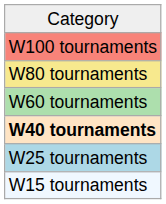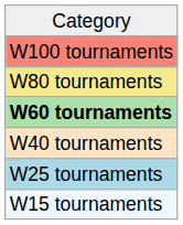 <table class=wikitable style=font-size:90%;>
 <tr align=center>
 <td style="background:#efefef;">Category</td>
 </tr>
 <tr style="background:#f88379;">
 <td>W100 tournaments</td>
 </tr>
 <tr style="background:#f7e98e;">
 <td>W80 tournaments</td>
 </tr>
 <tr style="background:#addfad;">
-<td>W60 tournaments</td>
+<td><strong>W60 tournaments</strong></td>
 </tr>
 <tr style="background:#ffe4c4;">
-<td><strong>W40 tournaments</strong></td>
+<td>W40 tournaments</td>
 </tr>
 <tr style="background:lightblue;">
 <td>W25 tournaments</td>
 </tr>
 <tr style="background:#f0f8ff;">
 <td>W15 tournaments</td>
 </tr>
 </table>
